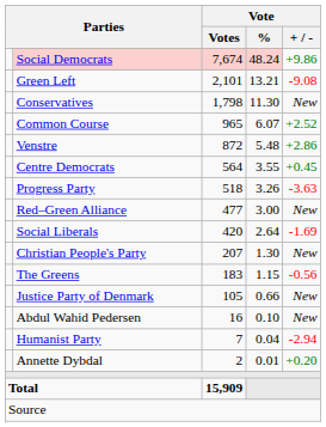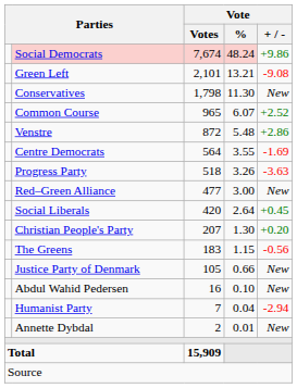 <table class="wikitable" style="text-align:right;">
 <tr>
 <th style="text-align:centre;" rowspan="2" colspan="2" width="225">Parties</th>
 <th colspan="3">Vote</th>
 </tr>
 <tr>
 <th width="15">Votes</th>
 <th width="15">%</th>
 <th width="15">+ / -</th>
 </tr>
 <tr>
 <td width="2" style="color:inherit;background:"></td>
 <td bgcolor=#fbd0ce  align="left"><a href='#'>Social Democrats</a></td>
 <td bgcolor=#fbd0ce>7,674</td>
 <td bgcolor=#fbd0ce>48.24</td>
 <td style=color:green;>+9.86</td>
 </tr>
 <tr>
 <td width="2" style="color:inherit;background:"></td>
 <td align="left"><a href='#'>Green Left</a></td>
 <td>2,101</td>
 <td>13.21</td>
 <td style=color:red;>-9.08</td>
 </tr>
 <tr>
 <td width="2" style="color:inherit;background:"></td>
 <td align="left"><a href='#'>Conservatives</a></td>
 <td>1,798</td>
 <td>11.30</td>
 <td><em>New</em></td>
 </tr>
 <tr>
 <td width="2" style="color:inherit;background:"></td>
 <td align="left"><a href='#'>Common Course</a></td>
 <td>965</td>
 <td>6.07</td>
 <td style=color:green;>+2.52</td>
 </tr>
 <tr>
 <td width="2" style="color:inherit;background:"></td>
 <td align="left"><a href='#'>Venstre</a></td>
 <td>872</td>
 <td>5.48</td>
 <td style=color:green;>+2.86</td>
 </tr>
 <tr>
 <td width="2" style="color:inherit;background:"></td>
 <td align="left"><a href='#'>Centre Democrats</a></td>
 <td>564</td>
 <td>3.55</td>
-<td style=color:green;>+0.45</td>
+<td style=color:red;>-1.69</td>
 </tr>
 <tr>
 <td width="2" style="color:inherit;background:"></td>
 <td align="left"><a href='#'>Progress Party</a></td>
 <td>518</td>
 <td>3.26</td>
 <td style=color:red;>-3.63</td>
 </tr>
 <tr>
 <td width="2" style="color:inherit;background:"></td>
 <td align="left"><a href='#'>Red–Green Alliance</a></td>
 <td>477</td>
 <td>3.00</td>
 <td><em>New</em></td>
 </tr>
 <tr>
 <td width="2" style="color:inherit;background:"></td>
 <td align="left"><a href='#'>Social Liberals</a></td>
 <td>420</td>
 <td>2.64</td>
-<td style=color:red;>-1.69</td>
+<td style=color:green;>+0.45</td>
 </tr>
 <tr>
 <td width="2" style="color:inherit;background:"></td>
 <td align="left"><a href='#'>Christian People's Party</a></td>
 <td>207</td>
 <td>1.30</td>
-<td><em>New</em></td>
+<td style=color:green;>+0.20</td>
 </tr>
 <tr>
 <td width="2" style="color:inherit;background:"></td>
 <td align="left"><a href='#'>The Greens</a></td>
 <td>183</td>
 <td>1.15</td>
 <td style=color:red;>-0.56</td>
 </tr>
 <tr>
 <td width="2" style="color:inherit;background:"></td>
 <td align="left"><a href='#'>Justice Party of Denmark</a></td>
 <td>105</td>
 <td>0.66</td>
 <td><em>New</em></td>
 </tr>
 <tr>
 <td width="2" style="color:inherit;background:"></td>
 <td align="left">Abdul Wahid Pedersen</td>
 <td>16</td>
 <td>0.10</td>
 <td><em>New</em></td>
 </tr>
 <tr>
 <td width="2" style="color:inherit;background:"></td>
 <td align="left"><a href='#'>Humanist Party</a></td>
 <td>7</td>
 <td>0.04</td>
 <td style=color:red;>-2.94</td>
 </tr>
 <tr>
 <td width="2" style="color:inherit;background:"></td>
 <td align="left">Annette Dybdal</td>
 <td>2</td>
 <td>0.01</td>
-<td style=color:green;>+0.20</td>
+<td><em>New</em></td>
 </tr>
 <tr>
 <td colspan="7" bgcolor="#E9E9E9"></td>
 </tr>
 <tr>
 <td align="left" colspan="2"><strong>Total</strong></td>
 <td><strong>15,909</strong></td>
 <td bgcolor="#E9E9E9" colspan="2"></td>
 </tr>
 <tr>
 <td align="left" colspan="6">Source</td>
 </tr>
 </table>
